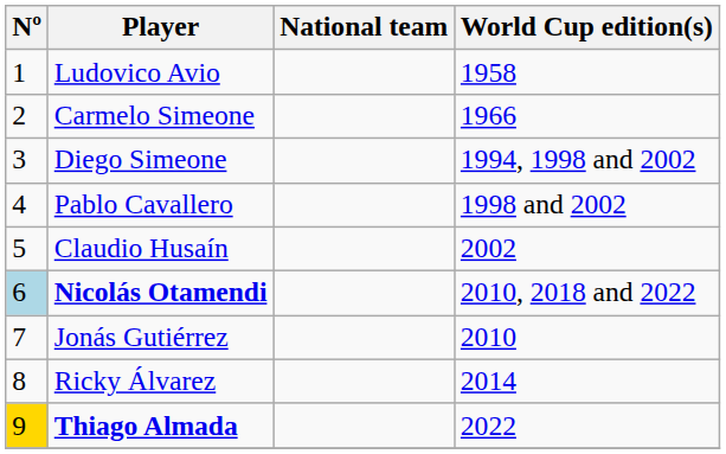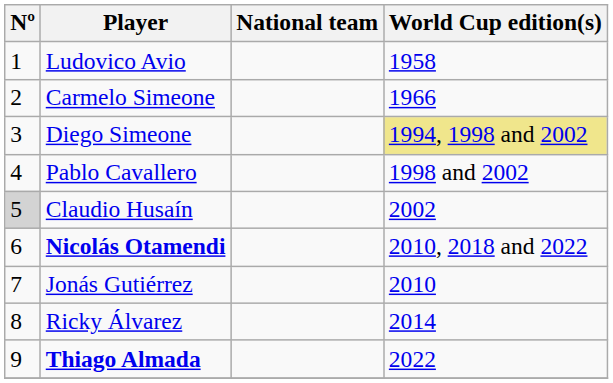 <table align=center class="wikitable sortable">
 <tr>
 <th>Nº</th>
 <th>Player</th>
 <th>National team</th>
 <th>World Cup edition(s)</th>
 </tr>
 <tr>
 <td>1</td>
 <td><a href='#'>Ludovico Avio</a></td>
 <td></td>
 <td><a href='#'>1958</a></td>
 </tr>
 <tr>
 <td>2</td>
 <td><a href='#'>Carmelo Simeone</a></td>
 <td></td>
 <td><a href='#'>1966</a></td>
 </tr>
 <tr>
 <td>3</td>
 <td><a href='#'>Diego Simeone</a></td>
 <td></td>
-<td><a href='#'>1994</a>, <a href='#'>1998</a> and <a href='#'>2002</a></td>
+<td style="background: khaki;"><a href='#'>1994</a>, <a href='#'>1998</a> and <a href='#'>2002</a></td>
 </tr>
 <tr>
 <td>4</td>
 <td><a href='#'>Pablo Cavallero</a></td>
 <td></td>
 <td><a href='#'>1998</a> and <a href='#'>2002</a></td>
 </tr>
 <tr>
-<td>5</td>
+<td style="background: lightgrey;">5</td>
 <td><a href='#'>Claudio Husaín</a></td>
 <td></td>
 <td><a href='#'>2002</a></td>
 </tr>
 <tr>
-<td style="background: lightblue;">6</td>
+<td>6</td>
 <td><strong><a href='#'>Nicolás Otamendi</a></strong></td>
 <td></td>
 <td><a href='#'>2010</a>, <a href='#'>2018</a> and <a href='#'>2022</a></td>
 </tr>
 <tr>
 <td>7</td>
 <td><a href='#'>Jonás Gutiérrez</a></td>
 <td></td>
 <td><a href='#'>2010</a></td>
 </tr>
 <tr>
 <td>8</td>
 <td><a href='#'>Ricky Álvarez</a></td>
 <td></td>
 <td><a href='#'>2014</a></td>
 </tr>
 <tr>
-<td style="background: gold;">9</td>
+<td>9</td>
 <td><strong><a href='#'>Thiago Almada</a></strong></td>
 <td></td>
 <td><a href='#'>2022</a></td>
 </tr>
 <tr>
 </tr>
 </table>
